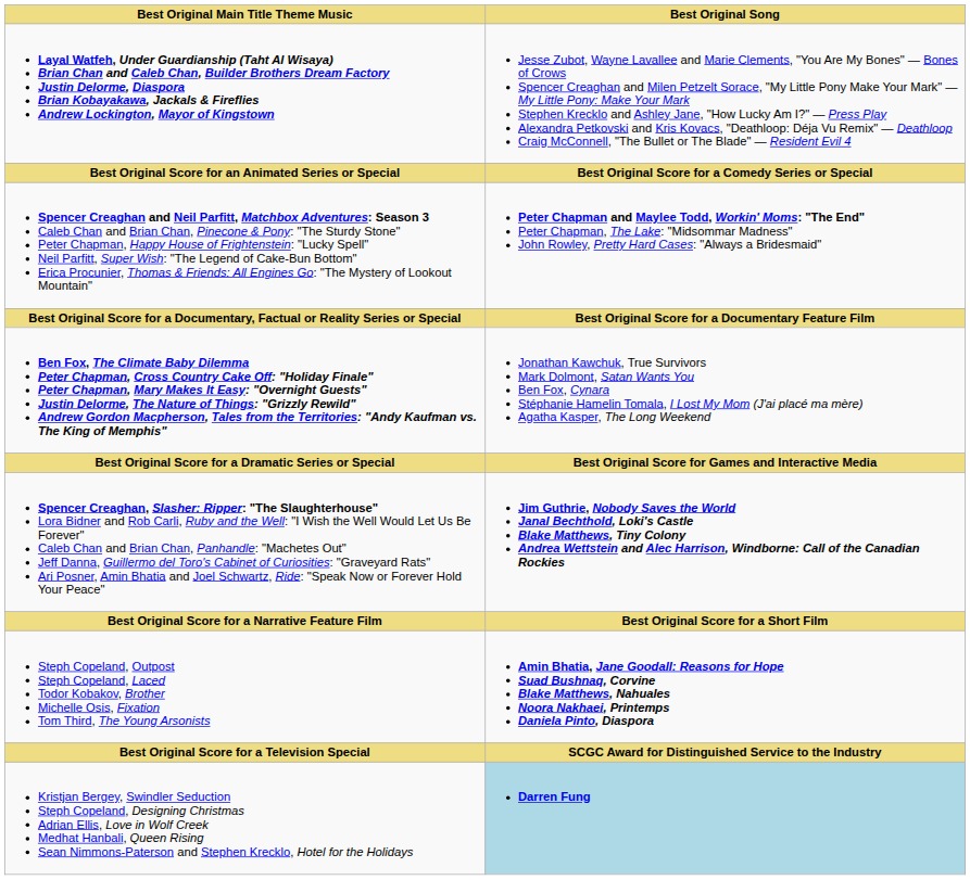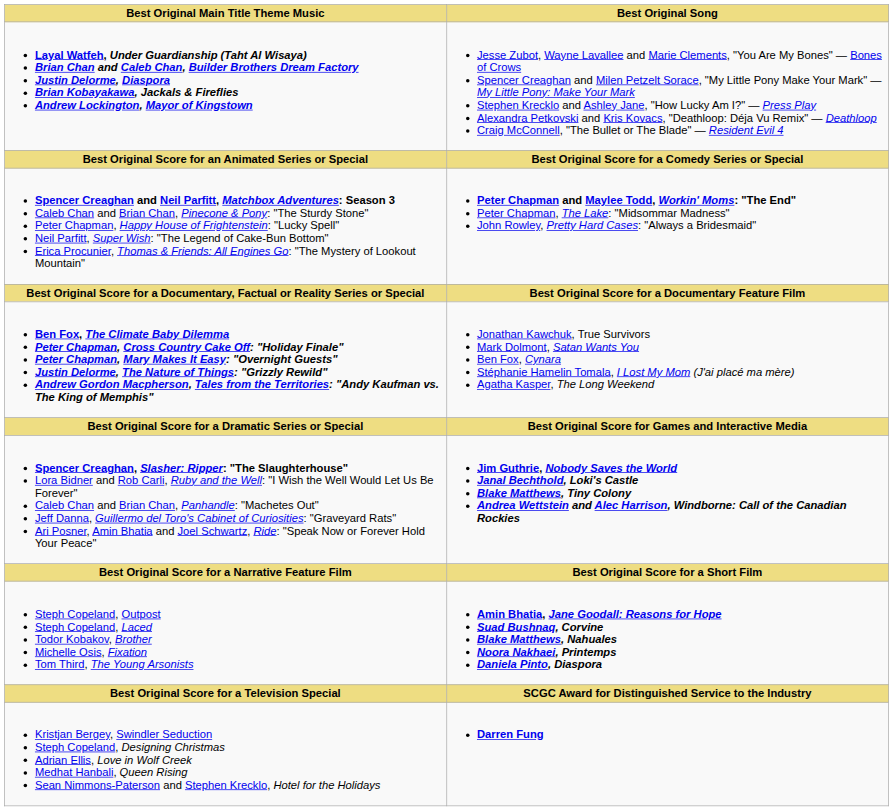 <table class=wikitable width="100%">
 <tr>
 <th style="background:#EEDD82; width:50%">Best Original Main Title Theme Music</th>
 <th style="background:#EEDD82; width:50%">Best Original Song</th>
 </tr>
 <tr>
 <td valign="top"><br><ul><li> <strong><a href='#'>Layal Watfeh</a>, <em>Under Guardianship (Taht Al Wisaya)<strong><em></li><li><a href='#'>Brian Chan</a> and <a href='#'>Caleb Chan</a>, </em><a href='#'>Builder Brothers Dream Factory</a><em></li><li><a href='#'>Justin Delorme</a>, </em><a href='#'>Diaspora</a><em></li><li><a href='#'>Brian Kobayakawa</a>, </em>Jackals & Fireflies<em></li><li><a href='#'>Andrew Lockington</a>, </em><a href='#'>Mayor of Kingstown</a><em></li></ul></td>
 <td valign="top"><br><ul><li> </strong><a href='#'>Jesse Zubot</a>, <a href='#'>Wayne Lavallee</a> and <a href='#'>Marie Clements</a>, "You Are My Bones" — </em><a href='#'>Bones of Crows</a></em></strong></li><li><a href='#'>Spencer Creaghan</a> and <a href='#'>Milen Petzelt Sorace</a>, "My Little Pony Make Your Mark" — <em><a href='#'>My Little Pony: Make Your Mark</a></em></li><li><a href='#'>Stephen Krecklo</a> and <a href='#'>Ashley Jane</a>, "How Lucky Am I?" — <em><a href='#'>Press Play</a></em></li><li><a href='#'>Alexandra Petkovski</a> and <a href='#'>Kris Kovacs</a>, "Deathloop: Déja Vu Remix" — <em><a href='#'>Deathloop</a></em></li><li><a href='#'>Craig McConnell</a>, "The Bullet or The Blade" — <em><a href='#'>Resident Evil 4</a></em></li></ul></td>
 </tr>
 <tr>
 <th style="background:#EEDD82; width:50%">Best Original Score for an Animated Series or Special</th>
 <th style="background:#EEDD82; width:50%">Best Original Score for a Comedy Series or Special</th>
 </tr>
 <tr>
 <td valign="top"><br><ul><li> <strong><a href='#'>Spencer Creaghan</a> and <a href='#'>Neil Parfitt</a>, <em><a href='#'>Matchbox Adventures</a></em>: Season 3</strong></li><li><a href='#'>Caleb Chan</a> and <a href='#'>Brian Chan</a>, <em><a href='#'>Pinecone & Pony</a></em>: "The Sturdy Stone"</li><li><a href='#'>Peter Chapman</a>, <em><a href='#'>Happy House of Frightenstein</a></em>: "Lucky Spell"</li><li><a href='#'>Neil Parfitt</a>, <em><a href='#'>Super Wish</a></em>: "The Legend of Cake-Bun Bottom"</li><li><a href='#'>Erica Procunier</a>, <em><a href='#'>Thomas & Friends: All Engines Go</a></em>: "The Mystery of Lookout Mountain"</li></ul></td>
 <td valign="top"><br><ul><li> <strong><a href='#'>Peter Chapman</a> and <a href='#'>Maylee Todd</a>, <em><a href='#'>Workin' Moms</a></em>: "The End"</strong></li><li><a href='#'>Peter Chapman</a>, <em><a href='#'>The Lake</a></em>: "Midsommar Madness"</li><li><a href='#'>John Rowley</a>, <em><a href='#'>Pretty Hard Cases</a></em>: "Always a Bridesmaid"</li></ul></td>
 </tr>
 <tr>
 <th style="background:#EEDD82; width:50%">Best Original Score for a Documentary, Factual or Reality Series or Special</th>
 <th style="background:#EEDD82; width:50%">Best Original Score for a Documentary Feature Film</th>
 </tr>
 <tr>
 <td valign="top"><br><ul><li> <strong><a href='#'>Ben Fox</a>, <em><a href='#'>The Climate Baby Dilemma</a><strong><em></li><li><a href='#'>Peter Chapman</a>, </em><a href='#'>Cross Country Cake Off</a><em>: "Holiday Finale"</li><li><a href='#'>Peter Chapman</a>, </em><a href='#'>Mary Makes It Easy</a><em>: "Overnight Guests"</li><li><a href='#'>Justin Delorme</a>, </em><a href='#'>The Nature of Things</a><em>: "Grizzly Rewild"</li><li><a href='#'>Andrew Gordon Macpherson</a>, </em><a href='#'>Tales from the Territories</a><em>: "Andy Kaufman vs. The King of Memphis"</li></ul></td>
 <td valign="top"><br><ul><li> </strong><a href='#'>Jonathan Kawchuk</a>, </em>True Survivors</em></strong></li><li><a href='#'>Mark Dolmont</a>, <em><a href='#'>Satan Wants You</a></em></li><li><a href='#'>Ben Fox</a>, <em><a href='#'>Cynara</a></em></li><li><a href='#'>Stéphanie Hamelin Tomala</a>, <em><a href='#'>I Lost My Mom</a> (J'ai placé ma mère)</em></li><li><a href='#'>Agatha Kasper</a>, <em>The Long Weekend</em></li></ul></td>
 </tr>
 <tr>
 <th style="background:#EEDD82; width:50%">Best Original Score for a Dramatic Series or Special</th>
 <th style="background:#EEDD82; width:50%">Best Original Score for Games and Interactive Media</th>
 </tr>
 <tr>
 <td valign="top"><br><ul><li> <strong><a href='#'>Spencer Creaghan</a>, <em><a href='#'>Slasher: Ripper</a></em>: "The Slaughterhouse"</strong></li><li><a href='#'>Lora Bidner</a> and <a href='#'>Rob Carli</a>, <em><a href='#'>Ruby and the Well</a></em>: "I Wish the Well Would Let Us Be Forever"</li><li><a href='#'>Caleb Chan</a> and <a href='#'>Brian Chan</a>, <em><a href='#'>Panhandle</a></em>: "Machetes Out"</li><li><a href='#'>Jeff Danna</a>, <em><a href='#'>Guillermo del Toro's Cabinet of Curiosities</a></em>: "Graveyard Rats"</li><li><a href='#'>Ari Posner</a>, <a href='#'>Amin Bhatia</a> and <a href='#'>Joel Schwartz</a>, <em><a href='#'>Ride</a></em>: "Speak Now or Forever Hold Your Peace"</li></ul></td>
 <td valign="top"><br><ul><li> <strong><a href='#'>Jim Guthrie</a>, <em><a href='#'>Nobody Saves the World</a><strong><em></li><li><a href='#'>Janal Bechthold</a>, </em>Loki's Castle<em></li><li><a href='#'>Blake Matthews</a>, </em>Tiny Colony<em></li><li><a href='#'>Andrea Wettstein</a> and <a href='#'>Alec Harrison</a>, </em>Windborne: Call of the Canadian Rockies<em></li></ul></td>
 </tr>
 <tr>
 <th style="background:#EEDD82; width:50%">Best Original Score for a Narrative Feature Film</th>
 <th style="background:#EEDD82; width:50%">Best Original Score for a Short Film</th>
 </tr>
 <tr>
 <td valign="top"><br><ul><li> </strong><a href='#'>Steph Copeland</a>, </em><a href='#'>Outpost</a></em></strong></li><li><a href='#'>Steph Copeland</a>, <em><a href='#'>Laced</a></em></li><li><a href='#'>Todor Kobakov</a>, <em><a href='#'>Brother</a></em></li><li><a href='#'>Michelle Osis</a>, <em><a href='#'>Fixation</a></em></li><li><a href='#'>Tom Third</a>, <em><a href='#'>The Young Arsonists</a></em></li></ul></td>
 <td valign="top"><br><ul><li> <strong><a href='#'>Amin Bhatia</a>, <em><a href='#'>Jane Goodall: Reasons for Hope</a><strong><em></li><li><a href='#'>Suad Bushnaq</a>, </em>Corvine<em></li><li><a href='#'>Blake Matthews</a>, </em>Nahuales<em></li><li><a href='#'>Noora Nakhaei</a>, </em>Printemps<em></li><li><a href='#'>Daniela Pinto</a>, </em>Diaspora<em></li></ul></td>
 </tr>
 <tr>
 <th style="background:#EEDD82; width:50%">Best Original Score for a Television Special</th>
 <th style="background:#EEDD82; width:50%">SCGC Award for Distinguished Service to the Industry</th>
 </tr>
 <tr>
 <td valign="top"><br><ul><li> </strong><a href='#'>Kristjan Bergey</a>, </em><a href='#'>Swindler Seduction</a></em></strong></li><li><a href='#'>Steph Copeland</a>, <em>Designing Christmas</em></li><li><a href='#'>Adrian Ellis</a>, <em>Love in Wolf Creek</em></li><li><a href='#'>Medhat Hanbali</a>, <em>Queen Rising</em></li><li><a href='#'>Sean Nimmons-Paterson</a> and <a href='#'>Stephen Krecklo</a>, <em>Hotel for the Holidays</em></li></ul></td>
-<td valign="top" style="background: lightblue;"><br><ul><li> <strong><a href='#'>Darren Fung</a></strong></li></ul></td>
+<td valign="top"><br><ul><li> <strong><a href='#'>Darren Fung</a></strong></li></ul></td>
 </tr>
 </table>
